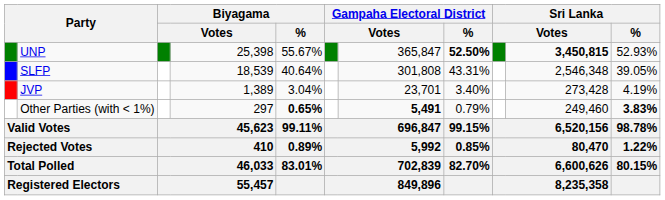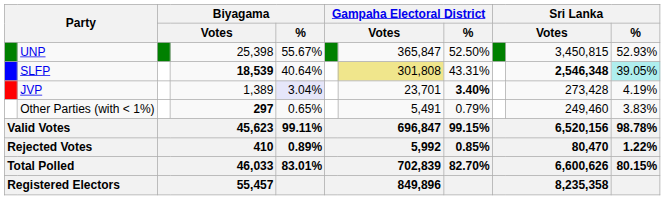 <table class="wikitable">
 <tr>
 <th colspan="2" width="144px"rowspan="2">Party</th>
 <th colspan="3" width="216px">Biyagama</th>
 <th colspan="3" width="216px"><a href='#'>Gampaha Electoral District</a></th>
 <th colspan="3" width="216px">Sri Lanka</th>
 </tr>
 <tr>
 <th colspan="2" width="144px">Votes</th>
 <th>%</th>
 <th colspan="2" width="144px">Votes</th>
 <th>%</th>
 <th colspan="2" width="144px">Votes</th>
 <th>%</th>
 </tr>
 <tr>
 <td style="background-color:green;" width="10px"></td>
 <td style="text-align:left;"><a href='#'>UNP</a></td>
 <td style="background-color:green;" width="10px"></td>
 <td style="text-align:right;">25,398</td>
 <td style="text-align:right;">55.67%</td>
 <td style="background-color:green;" width="10px"></td>
 <td style="text-align:right;">365,847</td>
-<td style="text-align:right;"><strong>52.50%</strong></td>
+<td style="text-align:right;">52.50%</td>
 <td style="background-color:green;" width="10px"></td>
-<td style="text-align:right;"><strong>3,450,815</strong></td>
+<td style="text-align:right;">3,450,815</td>
 <td style="text-align:right;">52.93%</td>
 </tr>
 <tr>
 <td style="background-color:blue;" width="10px"></td>
 <td style="text-align:left;"><a href='#'>SLFP</a></td>
 <td style="background-color:white;" width="10px"></td>
-<td style="text-align:right;">18,539</td>
+<td style="text-align:right;"><strong>18,539</strong></td>
 <td style="text-align:right;">40.64%</td>
 <td style="background-color:white;" width="10px"></td>
-<td style="text-align:right;">301,808</td>
+<td style="background: khaki; text-align:right;">301,808</td>
 <td style="text-align:right;">43.31%</td>
 <td style="background-color:white;" width="10px"></td>
-<td style="text-align:right;">2,546,348</td>
-<td style="text-align:right;">39.05%</td>
+<td style="text-align:right;"><strong>2,546,348</strong></td>
+<td style="background: paleturquoise; text-align:right;">39.05%</td>
 </tr>
 <tr>
 <td style="background-color:red;" width="10px"></td>
 <td style="text-align:left;"><a href='#'>JVP</a></td>
 <td style="background-color:white;" width="10px"></td>
 <td style="text-align:right;">1,389</td>
-<td style="text-align:right;">3.04%</td>
+<td style="background: lavender; text-align:right;">3.04%</td>
 <td style="background-color:white;" width="10px"></td>
 <td style="text-align:right;">23,701</td>
-<td style="text-align:right;">3.40%</td>
+<td style="text-align:right;"><strong>3.40%</strong></td>
 <td style="background-color:white;" width="10px"></td>
 <td style="text-align:right;">273,428</td>
 <td style="text-align:right;">4.19%</td>
 </tr>
 <tr>
 <td style="background-color:white;" width="10px"></td>
 <td style="text-align:left;">Other Parties (with < 1%)</td>
 <td style="background-color:white;" width="10px"></td>
-<td style="text-align:right;">297</td>
-<td style="text-align:right;"><strong>0.65%</strong></td>
+<td style="text-align:right;"><strong>297</strong></td>
+<td style="text-align:right;">0.65%</td>
 <td style="background-color:white;" width="10px"></td>
-<td style="text-align:right;"><strong>5,491</strong></td>
+<td style="text-align:right;">5,491</td>
 <td style="text-align:right;">0.79%</td>
 <td style="background-color:white;" width="10px"></td>
 <td style="text-align:right;">249,460</td>
-<td style="text-align:right;"><strong>3.83%</strong></td>
+<td style="text-align:right;">3.83%</td>
 </tr>
 <tr>
 <th colspan="2" width="144px"style="text-align:left;">Valid Votes</th>
 <th style="text-align:right;"colspan="2" width="144px">45,623</th>
 <th style="text-align:right;">99.11%</th>
 <th style="text-align:right;"colspan="2" width="144px">696,847</th>
 <th style="text-align:right;">99.15%</th>
 <th style="text-align:right;"colspan="2" width="144px">6,520,156</th>
 <th style="text-align:right;">98.78%</th>
 </tr>
 <tr>
 <th colspan="2" width="144px"style="text-align:left;">Rejected Votes</th>
 <th style="text-align:right;"colspan="2" width="144px">410</th>
 <th style="text-align:right;">0.89%</th>
 <th style="text-align:right;"colspan="2" width="144px">5,992</th>
 <th style="text-align:right;">0.85%</th>
 <th style="text-align:right;"colspan="2" width="144px">80,470</th>
 <th style="text-align:right;">1.22%</th>
 </tr>
 <tr>
 <th colspan="2" width="144px"style="text-align:left;">Total Polled</th>
 <th style="text-align:right;"colspan="2" width="144px">46,033</th>
 <th style="text-align:right;">83.01%</th>
 <th style="text-align:right;"colspan="2" width="144px">702,839</th>
 <th style="text-align:right;">82.70%</th>
 <th style="text-align:right;"colspan="2" width="144px">6,600,626</th>
 <th style="text-align:right;">80.15%</th>
 </tr>
 <tr>
 <th colspan="2" width="144px"style="text-align:left;">Registered Electors</th>
 <th style="text-align:right;"colspan="2" width="144px">55,457</th>
 <th></th>
 <th style="text-align:right;"colspan="2" width="144px">849,896</th>
 <th></th>
 <th style="text-align:right;"colspan="2" width="144px">8,235,358</th>
 <th></th>
 </tr>
 </table>
